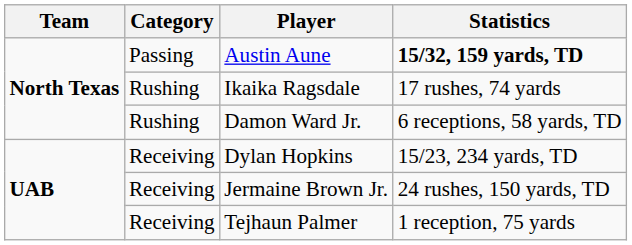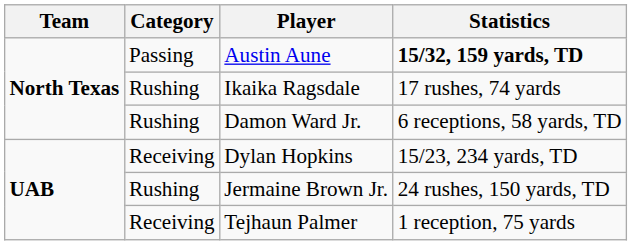 <table class="wikitable" style="float: left;">
 <tr>
 <th>Team</th>
 <th>Category</th>
 <th>Player</th>
 <th>Statistics</th>
 </tr>
 <tr>
 <td rowspan=3><strong>North Texas</strong></td>
 <td>Passing</td>
 <td><a href='#'>Austin Aune</a></td>
 <td><strong>15/32, 159 yards, TD</strong></td>
 </tr>
 <tr>
 <td>Rushing</td>
 <td>Ikaika Ragsdale</td>
 <td>17 rushes, 74 yards</td>
 </tr>
 <tr>
 <td>Rushing</td>
 <td>Damon Ward Jr.</td>
 <td>6 receptions, 58 yards, TD</td>
 </tr>
 <tr>
 <td rowspan=3><strong>UAB</strong></td>
 <td>Receiving</td>
 <td>Dylan Hopkins</td>
 <td>15/23, 234 yards, TD</td>
 </tr>
 <tr>
-<td>Receiving</td>
+<td>Rushing</td>
 <td>Jermaine Brown Jr.</td>
 <td>24 rushes, 150 yards, TD</td>
 </tr>
 <tr>
 <td>Receiving</td>
 <td>Tejhaun Palmer</td>
 <td>1 reception, 75 yards</td>
 </tr>
 </table>
